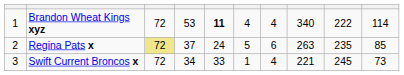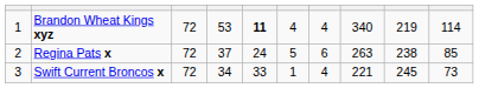 <table class="wikitable sortable">
 <tr>
 <th style="width:3em"></th>
 <th style="width:20em;" class="unsortable"></th>
 <th style="width:4em;" class="unsortable"></th>
 <th style="width:4em;"></th>
 <th style="width:4em;"></th>
 <th style="width:4em;"></th>
 <th style="width:4em;"></th>
 <th style="width:5em;"></th>
 <th style="width:5em;"></th>
 <th style="width:5em;"></th>
 </tr>
 <tr style="font-weight: ; text-align: center;">
 <td>1</td>
 <td style="text-align:left;"><a href='#'>Brandon Wheat Kings</a> <strong>xyz</strong></td>
 <td>72</td>
 <td>53</td>
 <td><strong>11</strong></td>
 <td>4</td>
 <td>4</td>
 <td>340</td>
-<td>222</td>
+<td>219</td>
 <td>114</td>
 </tr>
 <tr style="font-weight: ; text-align: center;">
 <td>2</td>
 <td style="text-align:left;"><a href='#'>Regina Pats</a> <strong>x</strong></td>
-<td style="background: khaki;">72</td>
+<td>72</td>
 <td>37</td>
 <td>24</td>
 <td>5</td>
 <td>6</td>
 <td>263</td>
-<td>235</td>
+<td>238</td>
 <td>85</td>
 </tr>
 <tr style="font-weight: ; text-align: center;">
 <td>3</td>
 <td style="text-align:left;"><a href='#'>Swift Current Broncos</a> <strong>x</strong></td>
 <td>72</td>
 <td>34</td>
 <td>33</td>
 <td>1</td>
 <td>4</td>
 <td>221</td>
 <td>245</td>
 <td>73</td>
 </tr>
 </table>
